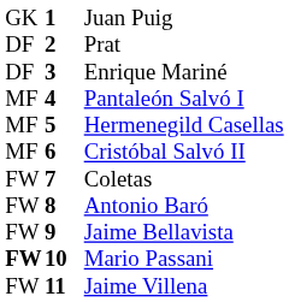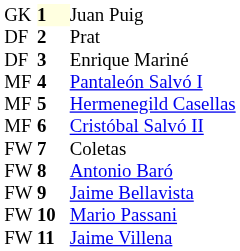 <table cellspacing="0" cellpadding="0" style="font-size:90%; margin:0.2em auto;">
 <tr>
 <th width="25"></th>
 <th width="25"></th>
 </tr>
 <tr>
 <td>GK</td>
-<td><strong>1</strong></td>
+<td style="background: lightyellow;"><strong>1</strong></td>
 <td> Juan Puig</td>
 </tr>
 <tr>
 <td>DF</td>
 <td><strong>2</strong></td>
 <td> Prat</td>
 </tr>
 <tr>
 <td>DF</td>
 <td><strong>3</strong></td>
 <td> Enrique Mariné</td>
 </tr>
 <tr>
 <td>MF</td>
 <td><strong>4</strong></td>
 <td> <a href='#'>Pantaleón Salvó I</a></td>
 </tr>
 <tr>
 <td>MF</td>
 <td><strong>5</strong></td>
 <td> <a href='#'>Hermenegild Casellas</a></td>
 </tr>
 <tr>
 <td>MF</td>
 <td><strong>6</strong></td>
 <td> <a href='#'>Cristóbal Salvó II</a></td>
 </tr>
 <tr>
 <td>FW</td>
 <td><strong>7</strong></td>
 <td> Coletas</td>
 </tr>
 <tr>
 <td>FW</td>
 <td><strong>8</strong></td>
 <td> <a href='#'>Antonio Baró</a></td>
 </tr>
 <tr>
 <td>FW</td>
 <td><strong>9</strong></td>
 <td> <a href='#'>Jaime Bellavista</a></td>
 </tr>
 <tr>
-<td><strong>FW</strong></td>
+<td>FW</td>
 <td><strong>10</strong></td>
 <td> <a href='#'>Mario Passani</a></td>
 </tr>
 <tr>
 <td>FW</td>
 <td><strong>11</strong></td>
 <td> <a href='#'>Jaime Villena</a></td>
 </tr>
 <tr>
 </tr>
 </table>
